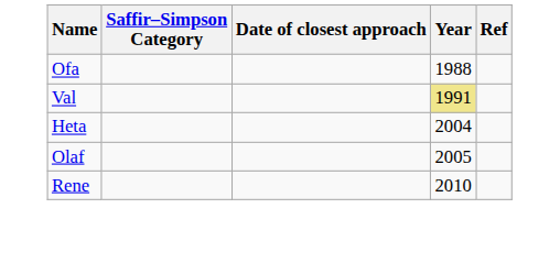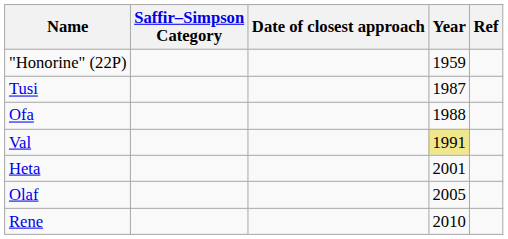 <table class = "wikitable" style="margin:1em auto;">
 <tr>
 <th>Name</th>
 <th><a href='#'>Saffir–Simpson</a><br>Category</th>
 <th>Date of closest approach</th>
 <th>Year</th>
 <th>Ref</th>
+</tr>
+<tr>
+<td>"Honorine" (22P)</td>
+<td></td>
+<td></td>
+<td>1959</td>
+<td></td>
+</tr>
+<tr>
+<td><a href='#'>Tusi</a></td>
+<td></td>
+<td></td>
+<td>1987</td>
+<td></td>
 </tr>
 <tr>
 <td><a href='#'>Ofa</a></td>
 <td></td>
 <td></td>
 <td>1988</td>
 <td></td>
 </tr>
 <tr>
 <td><a href='#'>Val</a></td>
 <td></td>
 <td></td>
 <td style="background: khaki;">1991</td>
 <td></td>
 </tr>
 <tr>
 <td><a href='#'>Heta</a></td>
 <td></td>
 <td></td>
-<td>2004</td>
+<td>2001</td>
 <td></td>
 </tr>
 <tr>
 <td><a href='#'>Olaf</a></td>
 <td></td>
 <td></td>
 <td>2005</td>
 <td></td>
 </tr>
 <tr>
 <td><a href='#'>Rene</a></td>
 <td></td>
 <td></td>
 <td>2010</td>
 <td></td>
 </tr>
 </table>
